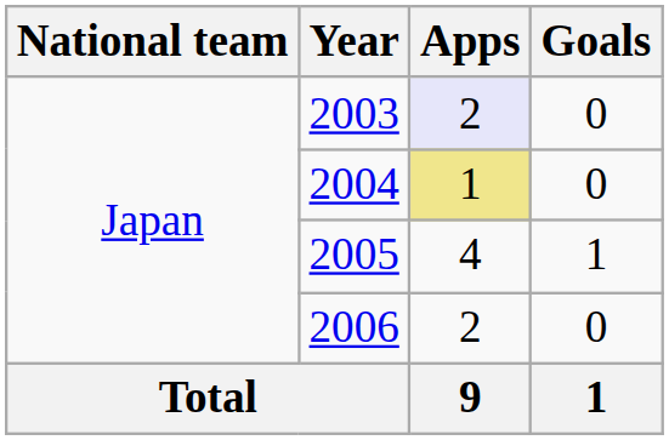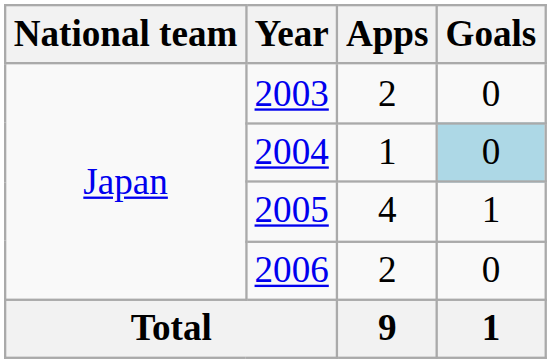 <table class="wikitable" style="text-align:center">
 <tr>
 <th>National team</th>
 <th>Year</th>
 <th>Apps</th>
 <th>Goals</th>
 </tr>
 <tr>
 <td rowspan="4"><a href='#'>Japan</a></td>
 <td><a href='#'>2003</a></td>
-<td style="background: lavender;">2</td>
+<td>2</td>
 <td>0</td>
 </tr>
 <tr>
 <td><a href='#'>2004</a></td>
-<td style="background: khaki;">1</td>
-<td>0</td>
+<td>1</td>
+<td style="background: lightblue;">0</td>
 </tr>
 <tr>
 <td><a href='#'>2005</a></td>
 <td>4</td>
 <td>1</td>
 </tr>
 <tr>
 <td><a href='#'>2006</a></td>
 <td>2</td>
 <td>0</td>
 </tr>
 <tr>
 <th colspan="2">Total</th>
 <th>9</th>
 <th>1</th>
 </tr>
 </table>
